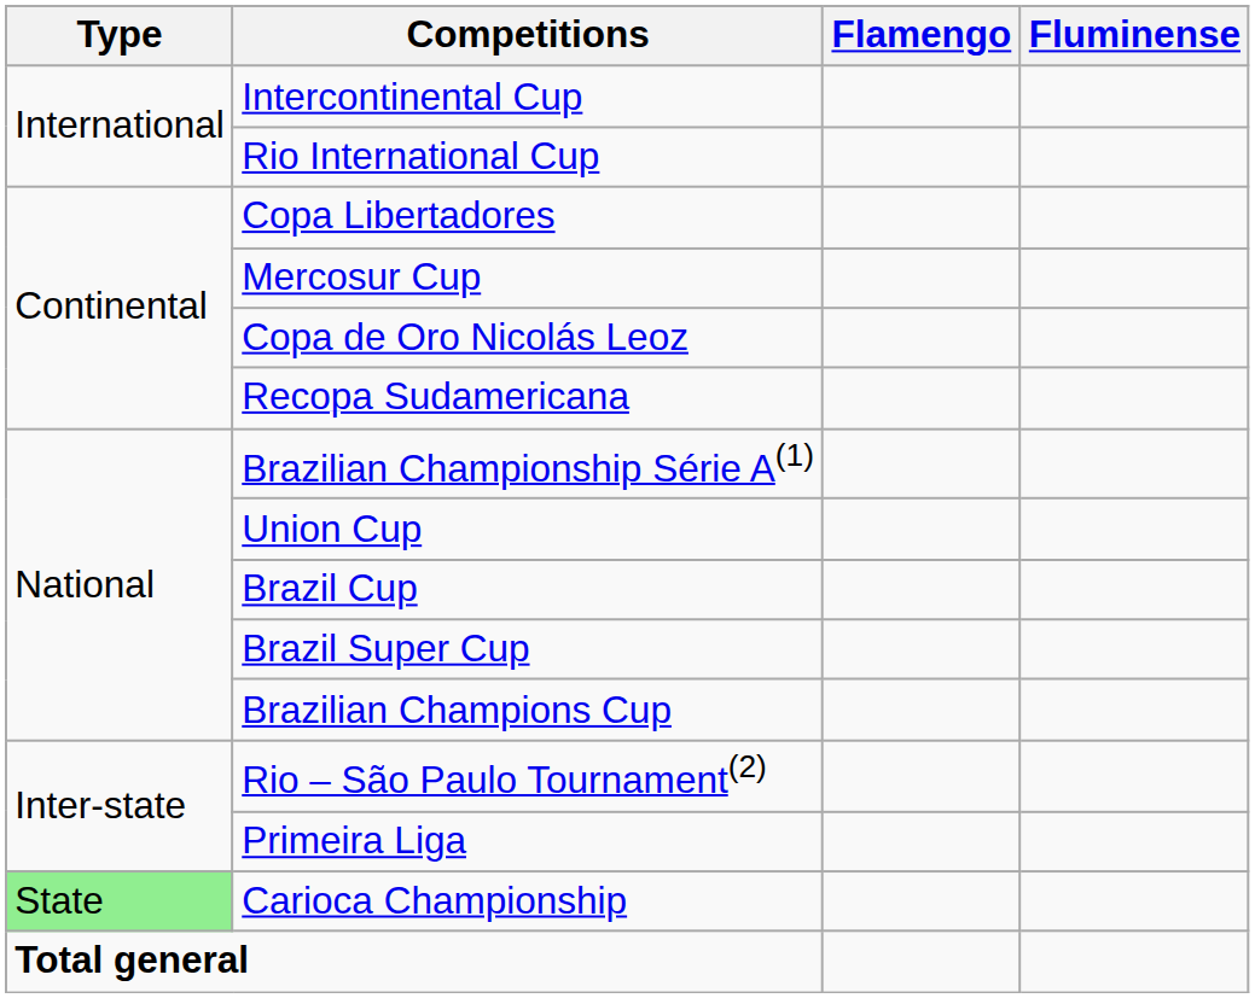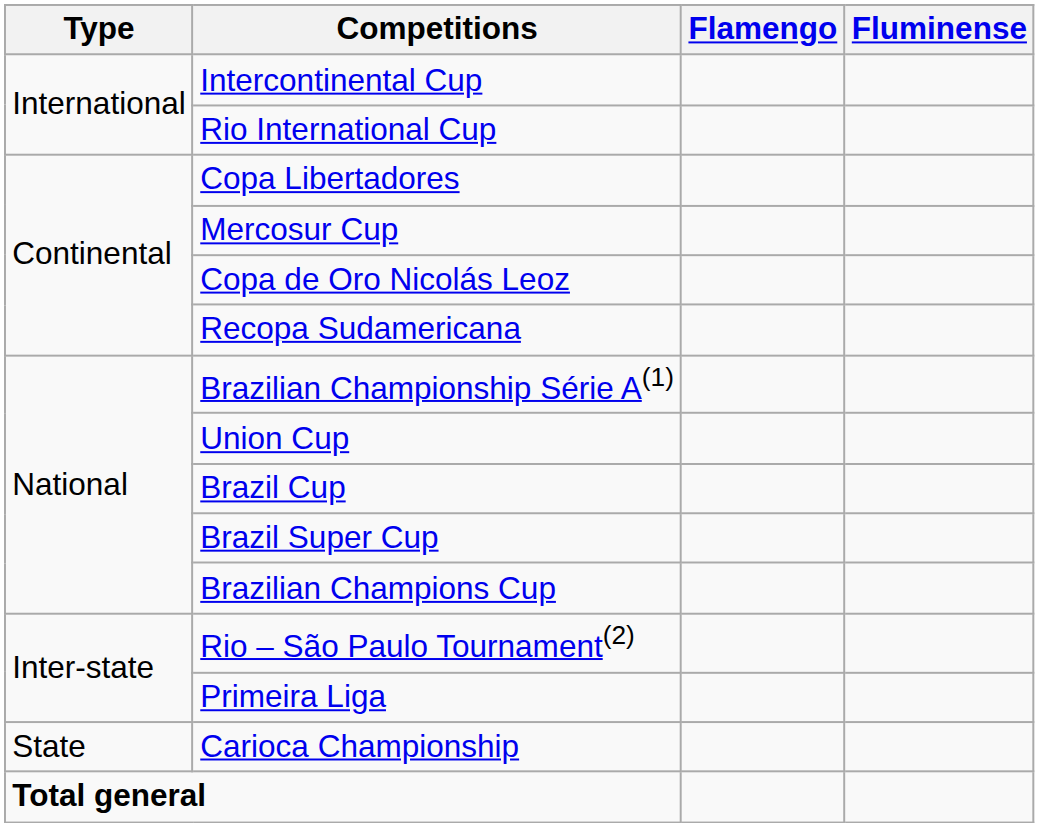 <table class="wikitable">
 <tr>
 <th>Type</th>
 <th>Competitions</th>
 <th><a href='#'>Flamengo</a></th>
 <th><a href='#'>Fluminense</a></th>
 </tr>
 <tr>
 <td rowspan="2">International</td>
 <td><a href='#'>Intercontinental Cup</a></td>
 <td></td>
 <td></td>
 </tr>
 <tr>
 <td><a href='#'>Rio International Cup</a></td>
 <td></td>
 <td></td>
 </tr>
 <tr>
 <td rowspan="4">Continental</td>
 <td><a href='#'>Copa Libertadores</a></td>
 <td></td>
 <td></td>
 </tr>
 <tr>
 <td><a href='#'>Mercosur Cup</a></td>
 <td></td>
 <td></td>
 </tr>
 <tr>
 <td><a href='#'>Copa de Oro Nicolás Leoz</a></td>
 <td></td>
 <td></td>
 </tr>
 <tr>
 <td><a href='#'>Recopa Sudamericana</a></td>
 <td></td>
 <td></td>
 </tr>
 <tr>
 <td rowspan="5">National</td>
 <td><a href='#'>Brazilian Championship Série A</a><sup>(1)</sup></td>
 <td></td>
 <td></td>
 </tr>
 <tr>
 <td><a href='#'>Union Cup</a></td>
 <td></td>
 <td></td>
 </tr>
 <tr>
 <td><a href='#'>Brazil Cup</a></td>
 <td></td>
 <td></td>
 </tr>
 <tr>
 <td><a href='#'>Brazil Super Cup</a></td>
 <td></td>
 <td></td>
 </tr>
 <tr>
 <td><a href='#'>Brazilian Champions Cup</a></td>
 <td></td>
 <td></td>
 </tr>
 <tr>
 <td rowspan="2">Inter-state</td>
 <td><a href='#'>Rio – São Paulo Tournament</a><sup>(2)</sup></td>
 <td></td>
 <td></td>
 </tr>
 <tr>
 <td><a href='#'>Primeira Liga</a></td>
 <td></td>
 <td></td>
 </tr>
 <tr>
-<td style="background: lightgreen;">State</td>
+<td>State</td>
 <td><a href='#'>Carioca Championship</a></td>
 <td></td>
 <td></td>
 </tr>
 <tr>
 <td colspan="2"><strong>Total general</strong></td>
 <td></td>
 <td></td>
 </tr>
 </table>
